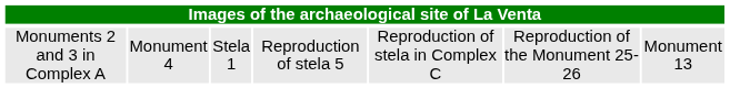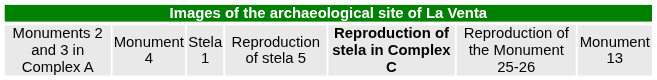 <table class="toc" cellpadding=0 cellspacing=2 width=700px style="float:center; margin: 0.5em 0.5em 0.5em 1em; padding: 0.5e">
 <tr>
 <td colspan=8 style="background:#green; color:white; font-size:100%" align=center bgcolor="green"><strong>Images of the archaeological site of La Venta</strong></td>
 </tr>
 <tr>
 <td align=center valign=center bgcolor="white"></td>
 <td align=center valign=center bgcolor="white"></td>
 <td align=center valign=center bgcolor="white"></td>
 <td align=center valign=center bgcolor="white"></td>
 <td align=center valign=center bgcolor="white"></td>
 <td align=center valign=center bgcolor="white"></td>
 <td align=center valign=center bgcolor="white"></td>
 </tr>
 <tr>
 <td style="background:#e9e9e9;" align=center>Monuments 2 and 3 in Complex A</td>
 <td style="background:#e9e9e9;" align=center>Monument 4</td>
 <td style="background:#e9e9e9;" align=center>Stela 1</td>
 <td style="background:#e9e9e9;" align=center>Reproduction of stela 5</td>
-<td style="background:#e9e9e9;" align=center>Reproduction of stela in Complex C</td>
+<td style="background:#e9e9e9;" align=center><strong>Reproduction of stela in Complex C</strong></td>
 <td style="background:#e9e9e9;" align=center>Reproduction of the Monument 25-26</td>
 <td style="background:#e9e9e9;" align=center>Monument 13</td>
 </tr>
 <tr>
 </tr>
 </table>
